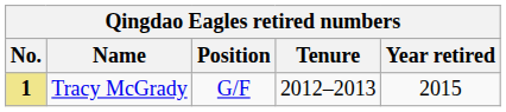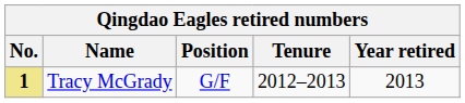 <table class="wikitable" style="text-align:center">
 <tr>
 <th colspan="5">Qingdao Eagles retired numbers</th>
 </tr>
 <tr>
 <th>No.</th>
 <th>Name</th>
 <th>Position</th>
 <th>Tenure</th>
 <th>Year retired</th>
 </tr>
 <tr>
 <td style="background: khaki;"><strong>1</strong></td>
 <td><a href='#'>Tracy McGrady</a></td>
 <td><a href='#'>G/F</a></td>
 <td>2012–2013</td>
-<td>2015</td>
+<td>2013</td>
 </tr>
 </table>
